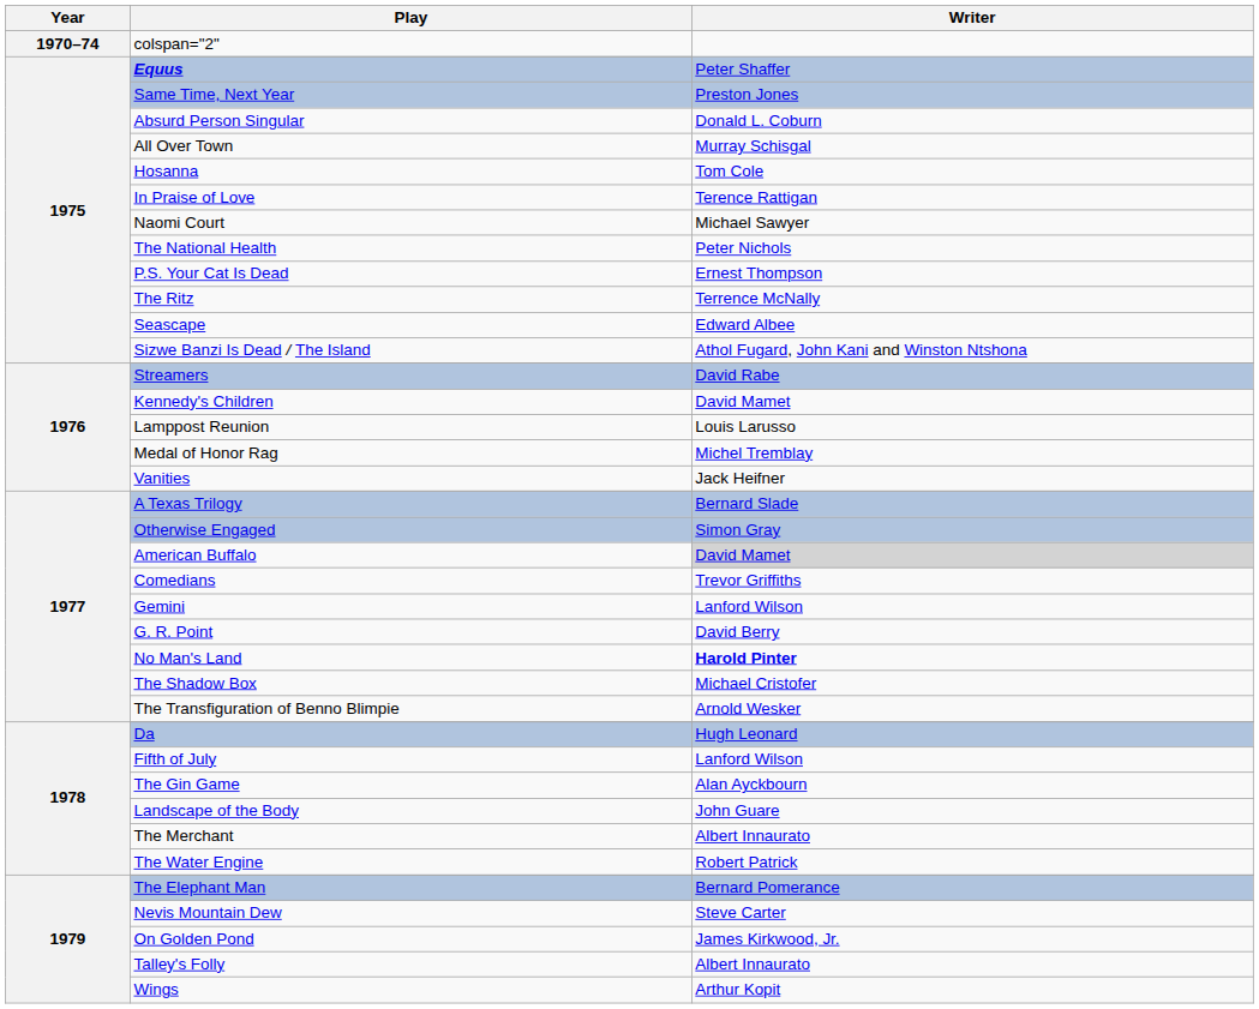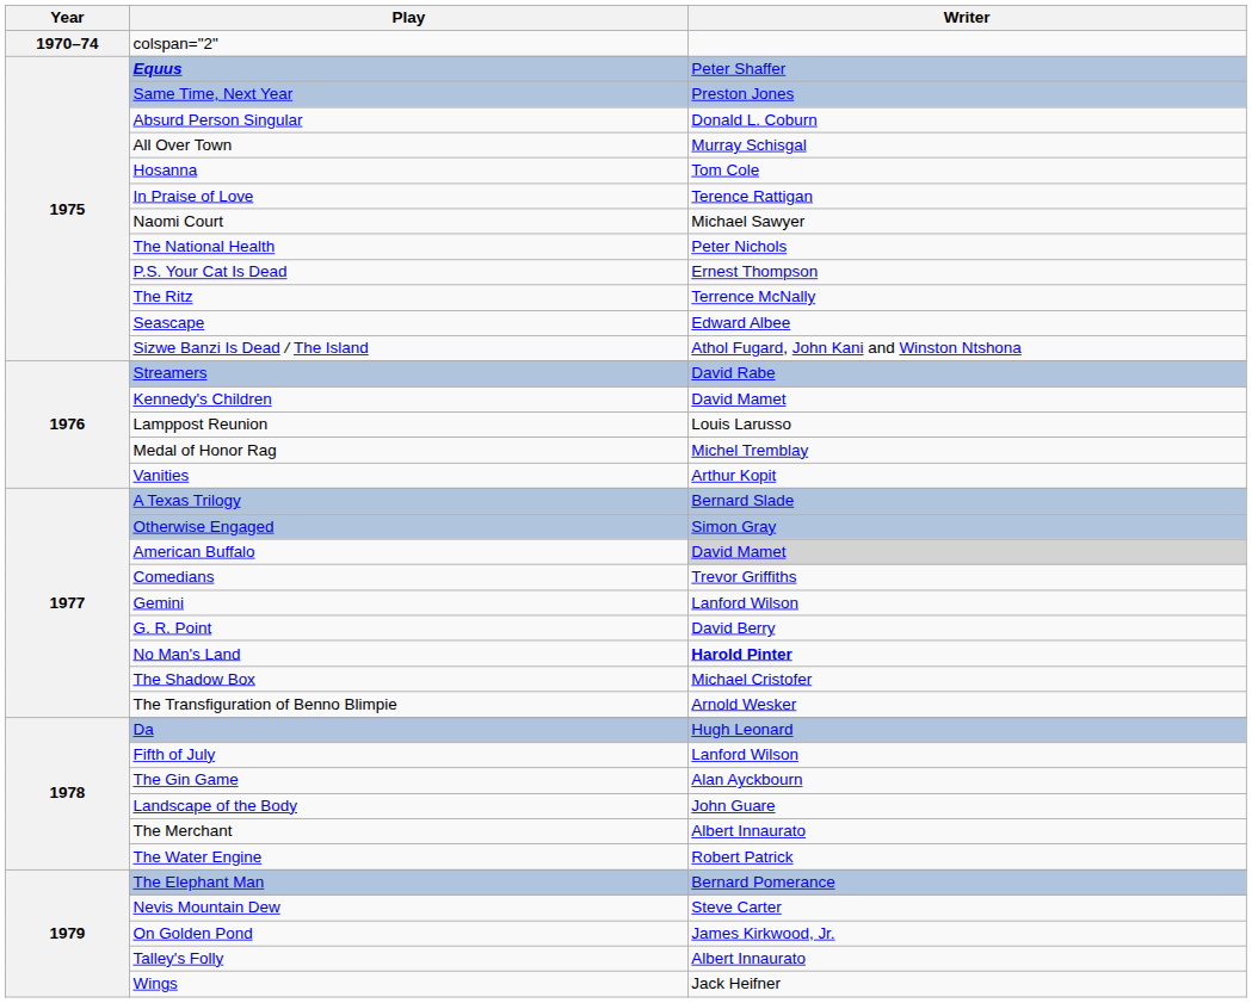 <table class="wikitable" style="width:98%;">
 <tr style="background:#bebebe;">
 <th style="width:10%;">Year</th>
 <th style="width:45%;">Play</th>
 <th style="width:45%;">Writer</th>
 </tr>
 <tr>
 <th>1970–74</th>
 <td>colspan="2" </td>
 </tr>
 <tr>
 <th rowspan="13">1975</th>
 </tr>
 <tr style="background:#B0C4DE">
 <td><strong><em><a href='#'>Equus</a><em> <strong></td>
 <td></strong><a href='#'>Peter Shaffer</a><strong></td>
 </tr>
 <tr style="background:#B0C4DE">
 <td></em></strong><a href='#'>Same Time, Next Year</a><strong><em></td>
 <td></strong><a href='#'>Preston Jones</a><strong></td>
 </tr>
 <tr>
 <td></em><a href='#'>Absurd Person Singular</a><em></td>
 <td><a href='#'>Donald L. Coburn</a></td>
 </tr>
 <tr>
 <td></em>All Over Town<em></td>
 <td><a href='#'>Murray Schisgal</a></td>
 </tr>
 <tr>
 <td></em><a href='#'>Hosanna</a><em></td>
 <td><a href='#'>Tom Cole</a></td>
 </tr>
 <tr>
 <td></em><a href='#'>In Praise of Love</a><em></td>
 <td><a href='#'>Terence Rattigan</a></td>
 </tr>
 <tr>
 <td></em>Naomi Court<em></td>
 <td>Michael Sawyer</td>
 </tr>
 <tr>
 <td></em><a href='#'>The National Health</a><em></td>
 <td><a href='#'>Peter Nichols</a></td>
 </tr>
 <tr>
 <td></em><a href='#'>P.S. Your Cat Is Dead</a><em></td>
 <td><a href='#'>Ernest Thompson</a></td>
 </tr>
 <tr>
 <td></em><a href='#'>The Ritz</a><em></td>
 <td><a href='#'>Terrence McNally</a></td>
 </tr>
 <tr>
 <td></em><a href='#'>Seascape</a><em></td>
 <td><a href='#'>Edward Albee</a></td>
 </tr>
 <tr>
 <td></em><a href='#'>Sizwe Banzi Is Dead</a><em> / </em><a href='#'>The Island</a><em></td>
 <td><a href='#'>Athol Fugard</a>, <a href='#'>John Kani</a> and <a href='#'>Winston Ntshona</a></td>
 </tr>
 <tr>
 <th rowspan="6">1976</th>
 </tr>
 <tr style="background:#B0C4DE">
 <td></em></strong><a href='#'>Streamers</a><strong><em></td>
 <td></strong><a href='#'>David Rabe</a> <strong></td>
 </tr>
 <tr>
 <td></em><a href='#'>Kennedy's Children</a><em></td>
 <td><a href='#'>David Mamet</a></td>
 </tr>
 <tr>
 <td></em>Lamppost Reunion<em></td>
 <td>Louis Larusso</td>
 </tr>
 <tr>
 <td></em>Medal of Honor Rag<em></td>
 <td><a href='#'>Michel Tremblay</a></td>
 </tr>
 <tr>
 <td></em><a href='#'>Vanities</a><em></td>
-<td>Jack Heifner</td>
+<td><a href='#'>Arthur Kopit</a></td>
 </tr>
 <tr>
 <th rowspan="10">1977</th>
 </tr>
 <tr style="background:#B0C4DE">
 <td></em></strong><a href='#'>A Texas Trilogy</a><strong><em></td>
 <td></strong><a href='#'>Bernard Slade</a> <strong></td>
 </tr>
 <tr style="background:#B0C4DE">
 <td></em></strong><a href='#'>Otherwise Engaged</a><strong><em></td>
 <td></strong><a href='#'>Simon Gray</a> <strong></td>
 </tr>
 <tr>
 <td></em><a href='#'>American Buffalo</a><em></td>
 <td style="background: lightgrey;"><a href='#'>David Mamet</a></td>
 </tr>
 <tr>
 <td></em><a href='#'>Comedians</a><em></td>
 <td><a href='#'>Trevor Griffiths</a></td>
 </tr>
 <tr>
 <td></em><a href='#'>Gemini</a><em></td>
 <td><a href='#'>Lanford Wilson</a></td>
 </tr>
 <tr>
 <td></em><a href='#'>G. R. Point</a><em></td>
 <td><a href='#'>David Berry</a></td>
 </tr>
 <tr>
 <td></em><a href='#'>No Man's Land</a><em></td>
 <td><strong><a href='#'>Harold Pinter</a></strong></td>
 </tr>
 <tr>
 <td></em><a href='#'>The Shadow Box</a><em></td>
 <td><a href='#'>Michael Cristofer</a></td>
 </tr>
 <tr>
 <td></em>The Transfiguration of Benno Blimpie<em></td>
 <td><a href='#'>Arnold Wesker</a></td>
 </tr>
 <tr>
 <th rowspan="7">1978</th>
 </tr>
 <tr style="background:#B0C4DE">
 <td></em></strong><a href='#'>Da</a><strong><em></td>
 <td></strong><a href='#'>Hugh Leonard</a> <strong></td>
 </tr>
 <tr>
 <td></em><a href='#'>Fifth of July</a><em></td>
 <td><a href='#'>Lanford Wilson</a></td>
 </tr>
 <tr>
 <td></em><a href='#'>The Gin Game</a><em></td>
 <td><a href='#'>Alan Ayckbourn</a></td>
 </tr>
 <tr>
 <td></em><a href='#'>Landscape of the Body</a><em></td>
 <td><a href='#'>John Guare</a></td>
 </tr>
 <tr>
 <td></em>The Merchant<em></td>
 <td><a href='#'>Albert Innaurato</a></td>
 </tr>
 <tr>
 <td></em><a href='#'>The Water Engine</a><em></td>
 <td><a href='#'>Robert Patrick</a></td>
 </tr>
 <tr>
 <th rowspan="6">1979</th>
 </tr>
 <tr style="background:#B0C4DE">
 <td></em></strong><a href='#'>The Elephant Man</a><strong><em></td>
 <td></strong><a href='#'>Bernard Pomerance</a> <strong></td>
 </tr>
 <tr>
 <td></em><a href='#'>Nevis Mountain Dew</a><em></td>
 <td><a href='#'>Steve Carter</a></td>
 </tr>
 <tr>
 <td></em><a href='#'>On Golden Pond</a><em></td>
 <td><a href='#'>James Kirkwood, Jr.</a></td>
 </tr>
 <tr>
 <td></em><a href='#'>Talley's Folly</a><em></td>
 <td><a href='#'>Albert Innaurato</a></td>
 </tr>
 <tr>
 <td></em><a href='#'>Wings</a><em></td>
-<td><a href='#'>Arthur Kopit</a></td>
+<td>Jack Heifner</td>
 </tr>
 </table>
